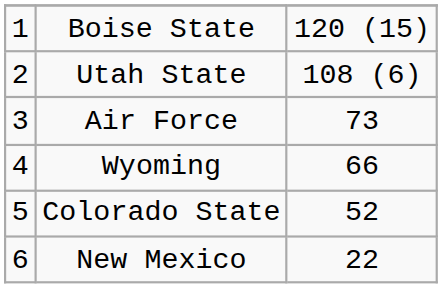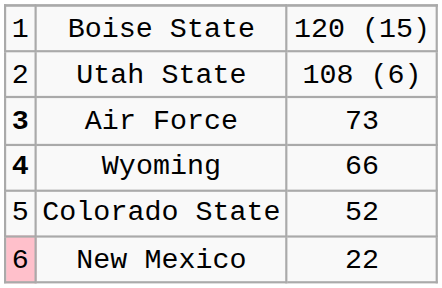 <table class="wikitable" style="display: inline-table;">
 <tr align="center">
 </tr>
 <tr align="center">
 <td>1</td>
 <td>Boise State</td>
 <td>120 (15)</td>
 </tr>
 <tr align="center">
 <td>2</td>
 <td>Utah State</td>
 <td>108 (6)</td>
 </tr>
 <tr align="center">
-<td>3</td>
+<td><strong>3</strong></td>
 <td>Air Force</td>
 <td>73</td>
 </tr>
 <tr align="center">
-<td>4</td>
+<td><strong>4</strong></td>
 <td>Wyoming</td>
 <td>66</td>
 </tr>
 <tr align="center">
 <td>5</td>
 <td>Colorado State</td>
 <td>52</td>
 </tr>
 <tr align="center">
-<td>6</td>
+<td style="background: pink;">6</td>
 <td>New Mexico</td>
 <td>22</td>
 </tr>
 </table>
